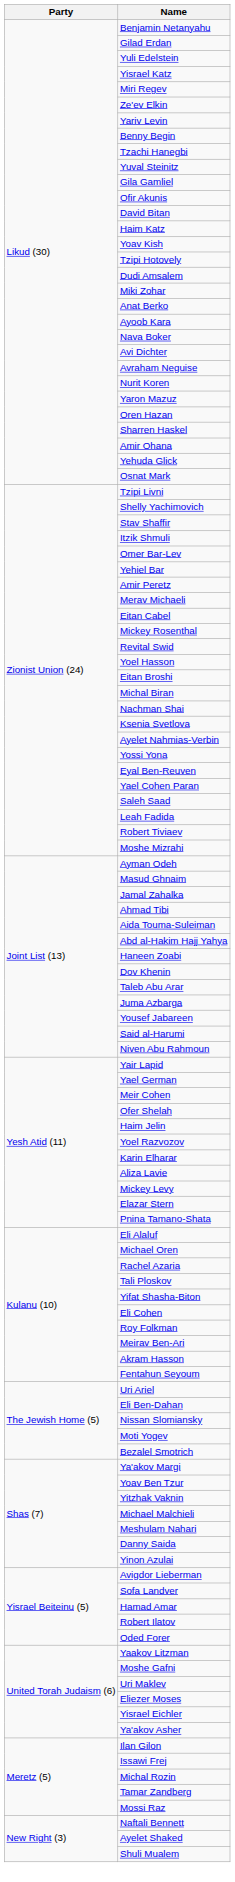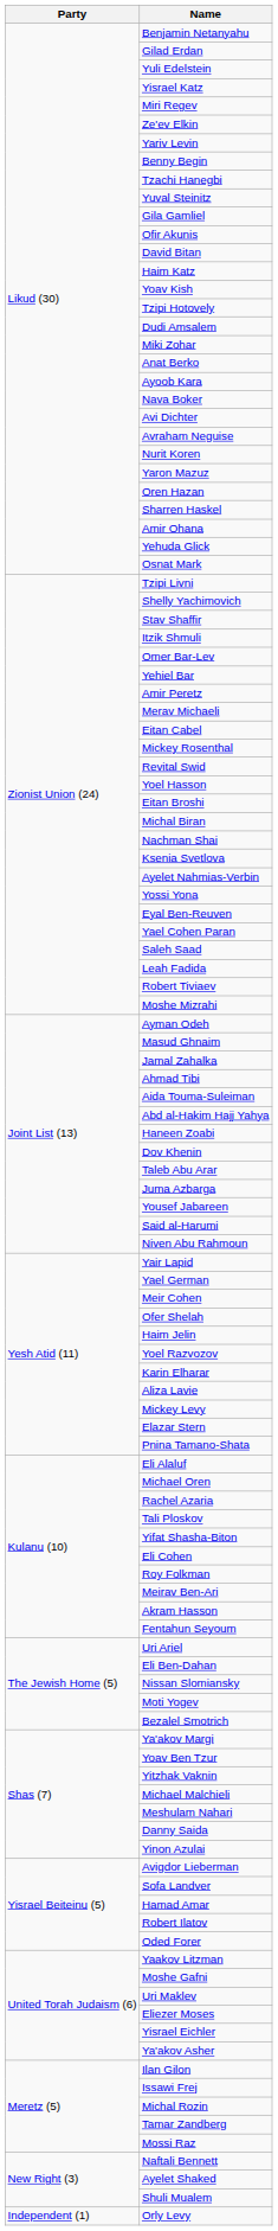 <table class=wikitable>
 <tr>
 <th>Party</th>
 <th>Name</th>
 </tr>
 <tr>
 <td rowspan=30><a href='#'>Likud</a> (30)</td>
 <td><a href='#'>Benjamin Netanyahu</a></td>
 </tr>
 <tr>
 <td><a href='#'>Gilad Erdan</a></td>
 </tr>
 <tr>
 <td><a href='#'>Yuli Edelstein</a></td>
 </tr>
 <tr>
 <td><a href='#'>Yisrael Katz</a></td>
 </tr>
 <tr>
 <td><a href='#'>Miri Regev</a></td>
 </tr>
 <tr>
 <td><a href='#'>Ze'ev Elkin</a></td>
 </tr>
 <tr>
 <td><a href='#'>Yariv Levin</a></td>
 </tr>
 <tr>
 <td><a href='#'>Benny Begin</a></td>
 </tr>
 <tr>
 <td><a href='#'>Tzachi Hanegbi</a></td>
 </tr>
 <tr>
 <td><a href='#'>Yuval Steinitz</a></td>
 </tr>
 <tr>
 <td><a href='#'>Gila Gamliel</a></td>
 </tr>
 <tr>
 <td><a href='#'>Ofir Akunis</a></td>
 </tr>
 <tr>
 <td><a href='#'>David Bitan</a></td>
 </tr>
 <tr>
 <td><a href='#'>Haim Katz</a></td>
 </tr>
 <tr>
 <td><a href='#'>Yoav Kish</a></td>
 </tr>
 <tr>
 <td><a href='#'>Tzipi Hotovely</a></td>
 </tr>
 <tr>
 <td><a href='#'>Dudi Amsalem</a></td>
 </tr>
 <tr>
 <td><a href='#'>Miki Zohar</a></td>
 </tr>
 <tr>
 <td><a href='#'>Anat Berko</a></td>
 </tr>
 <tr>
 <td><a href='#'>Ayoob Kara</a></td>
 </tr>
 <tr>
 <td><a href='#'>Nava Boker</a></td>
 </tr>
 <tr>
 <td><a href='#'>Avi Dichter</a></td>
 </tr>
 <tr>
 <td><a href='#'>Avraham Neguise</a></td>
 </tr>
 <tr>
 <td><a href='#'>Nurit Koren</a></td>
 </tr>
 <tr>
 <td><a href='#'>Yaron Mazuz</a></td>
 </tr>
 <tr>
 <td><a href='#'>Oren Hazan</a></td>
 </tr>
 <tr>
 <td><a href='#'>Sharren Haskel</a></td>
 </tr>
 <tr>
 <td><a href='#'>Amir Ohana</a></td>
 </tr>
 <tr>
 <td><a href='#'>Yehuda Glick</a></td>
 </tr>
 <tr>
 <td><a href='#'>Osnat Mark</a></td>
 </tr>
 <tr>
 <td ROWSPAN=24><a href='#'>Zionist Union</a> (24)</td>
 <td><a href='#'>Tzipi Livni</a></td>
 </tr>
 <tr>
 <td><a href='#'>Shelly Yachimovich</a></td>
 </tr>
 <tr>
 <td><a href='#'>Stav Shaffir</a></td>
 </tr>
 <tr>
 <td><a href='#'>Itzik Shmuli</a></td>
 </tr>
 <tr>
 <td><a href='#'>Omer Bar-Lev</a></td>
 </tr>
 <tr>
 <td><a href='#'>Yehiel Bar</a></td>
 </tr>
 <tr>
 <td><a href='#'>Amir Peretz</a></td>
 </tr>
 <tr>
 <td><a href='#'>Merav Michaeli</a></td>
 </tr>
 <tr>
 <td><a href='#'>Eitan Cabel</a></td>
 </tr>
 <tr>
 <td><a href='#'>Mickey Rosenthal</a></td>
 </tr>
 <tr>
 <td><a href='#'>Revital Swid</a></td>
 </tr>
 <tr>
 <td><a href='#'>Yoel Hasson</a></td>
 </tr>
 <tr>
 <td><a href='#'>Eitan Broshi</a></td>
 </tr>
 <tr>
 <td><a href='#'>Michal Biran</a></td>
 </tr>
 <tr>
 <td><a href='#'>Nachman Shai</a></td>
 </tr>
 <tr>
 <td><a href='#'>Ksenia Svetlova</a></td>
 </tr>
 <tr>
 <td><a href='#'>Ayelet Nahmias-Verbin</a></td>
 </tr>
 <tr>
 <td><a href='#'>Yossi Yona</a></td>
 </tr>
 <tr>
 <td><a href='#'>Eyal Ben-Reuven</a></td>
 </tr>
 <tr>
 <td><a href='#'>Yael Cohen Paran</a></td>
 </tr>
 <tr>
 <td><a href='#'>Saleh Saad</a></td>
 </tr>
 <tr>
 <td><a href='#'>Leah Fadida</a></td>
 </tr>
 <tr>
 <td><a href='#'>Robert Tiviaev</a></td>
 </tr>
 <tr>
 <td><a href='#'>Moshe Mizrahi</a></td>
 </tr>
 <tr>
 <td ROWSPAN=13><a href='#'>Joint List</a> (13)</td>
 <td><a href='#'>Ayman Odeh</a></td>
 </tr>
 <tr>
 <td><a href='#'>Masud Ghnaim</a></td>
 </tr>
 <tr>
 <td><a href='#'>Jamal Zahalka</a></td>
 </tr>
 <tr>
 <td><a href='#'>Ahmad Tibi</a></td>
 </tr>
 <tr>
 <td><a href='#'>Aida Touma-Suleiman</a></td>
 </tr>
 <tr>
 <td><a href='#'>Abd al-Hakim Hajj Yahya</a></td>
 </tr>
 <tr>
 <td><a href='#'>Haneen Zoabi</a></td>
 </tr>
 <tr>
 <td><a href='#'>Dov Khenin</a></td>
 </tr>
 <tr>
 <td><a href='#'>Taleb Abu Arar</a></td>
 </tr>
 <tr>
 <td><a href='#'>Juma Azbarga</a></td>
 </tr>
 <tr>
 <td><a href='#'>Yousef Jabareen</a></td>
 </tr>
 <tr>
 <td><a href='#'>Said al-Harumi</a></td>
 </tr>
 <tr>
 <td><a href='#'>Niven Abu Rahmoun</a></td>
 </tr>
 <tr>
 <td ROWSPAN=11><a href='#'>Yesh Atid</a> (11)</td>
 <td><a href='#'>Yair Lapid</a></td>
 </tr>
 <tr>
 <td><a href='#'>Yael German</a></td>
 </tr>
 <tr>
 <td><a href='#'>Meir Cohen</a></td>
 </tr>
 <tr>
 <td><a href='#'>Ofer Shelah</a></td>
 </tr>
 <tr>
 <td><a href='#'>Haim Jelin</a></td>
 </tr>
 <tr>
 <td><a href='#'>Yoel Razvozov</a></td>
 </tr>
 <tr>
 <td><a href='#'>Karin Elharar</a></td>
 </tr>
 <tr>
 <td><a href='#'>Aliza Lavie</a></td>
 </tr>
 <tr>
 <td><a href='#'>Mickey Levy</a></td>
 </tr>
 <tr>
 <td><a href='#'>Elazar Stern</a></td>
 </tr>
 <tr>
 <td><a href='#'>Pnina Tamano-Shata</a></td>
 </tr>
 <tr>
 <td ROWSPAN=10><a href='#'>Kulanu</a> (10)</td>
 <td><a href='#'>Eli Alaluf</a></td>
 </tr>
 <tr>
 <td><a href='#'>Michael Oren</a></td>
 </tr>
 <tr>
 <td><a href='#'>Rachel Azaria</a></td>
 </tr>
 <tr>
 <td><a href='#'>Tali Ploskov</a></td>
 </tr>
 <tr>
 <td><a href='#'>Yifat Shasha-Biton</a></td>
 </tr>
 <tr>
 <td><a href='#'>Eli Cohen</a></td>
 </tr>
 <tr>
 <td><a href='#'>Roy Folkman</a></td>
 </tr>
 <tr>
 <td><a href='#'>Meirav Ben-Ari</a></td>
 </tr>
 <tr>
 <td><a href='#'>Akram Hasson</a></td>
 </tr>
 <tr>
 <td><a href='#'>Fentahun Seyoum</a></td>
 </tr>
 <tr>
 <td ROWSPAN=5><a href='#'>The Jewish Home</a>  (5)</td>
 <td><a href='#'>Uri Ariel</a></td>
 </tr>
 <tr>
 <td><a href='#'>Eli Ben-Dahan</a></td>
 </tr>
 <tr>
 <td><a href='#'>Nissan Slomiansky</a></td>
 </tr>
 <tr>
 <td><a href='#'>Moti Yogev</a></td>
 </tr>
 <tr>
 <td><a href='#'>Bezalel Smotrich</a></td>
 </tr>
 <tr>
 <td rowspan=7><a href='#'>Shas</a> (7)</td>
 <td><a href='#'>Ya'akov Margi</a></td>
 </tr>
 <tr>
 <td><a href='#'>Yoav Ben Tzur</a></td>
 </tr>
 <tr>
 <td><a href='#'>Yitzhak Vaknin</a></td>
 </tr>
 <tr>
 <td><a href='#'>Michael Malchieli</a></td>
 </tr>
 <tr>
 <td><a href='#'>Meshulam Nahari</a></td>
 </tr>
 <tr>
 <td><a href='#'>Danny Saida</a></td>
 </tr>
 <tr>
 <td><a href='#'>Yinon Azulai</a></td>
 </tr>
 <tr>
 <td ROWSPAN=5><a href='#'>Yisrael Beiteinu</a> (5)</td>
 <td><a href='#'>Avigdor Lieberman</a></td>
 </tr>
 <tr>
 <td><a href='#'>Sofa Landver</a></td>
 </tr>
 <tr>
 <td><a href='#'>Hamad Amar</a></td>
 </tr>
 <tr>
 <td><a href='#'>Robert Ilatov</a></td>
 </tr>
 <tr>
 <td><a href='#'>Oded Forer</a></td>
 </tr>
 <tr>
 <td ROWSPAN=6><a href='#'>United Torah Judaism</a> (6)</td>
 <td><a href='#'>Yaakov Litzman</a></td>
 </tr>
 <tr>
 <td><a href='#'>Moshe Gafni</a></td>
 </tr>
 <tr>
 <td><a href='#'>Uri Maklev</a></td>
 </tr>
 <tr>
 <td><a href='#'>Eliezer Moses</a></td>
 </tr>
 <tr>
 <td><a href='#'>Yisrael Eichler</a></td>
 </tr>
 <tr>
 <td><a href='#'>Ya'akov Asher</a></td>
 </tr>
 <tr>
 <td ROWSPAN=5><a href='#'>Meretz</a> (5)</td>
 <td><a href='#'>Ilan Gilon</a></td>
 </tr>
 <tr>
 <td><a href='#'>Issawi Frej</a></td>
 </tr>
 <tr>
 <td><a href='#'>Michal Rozin</a></td>
 </tr>
 <tr>
 <td><a href='#'>Tamar Zandberg</a></td>
 </tr>
 <tr>
 <td><a href='#'>Mossi Raz</a></td>
 </tr>
 <tr>
 <td rowspan=3><a href='#'>New Right</a> (3)</td>
 <td><a href='#'>Naftali Bennett</a></td>
 </tr>
 <tr>
 <td><a href='#'>Ayelet Shaked</a></td>
 </tr>
 <tr>
 <td><a href='#'>Shuli Mualem</a></td>
 </tr>
+<tr>
+<td><a href='#'>Independent</a> (1)</td>
+<td><a href='#'>Orly Levy</a></td>
+</tr>
 </table>
